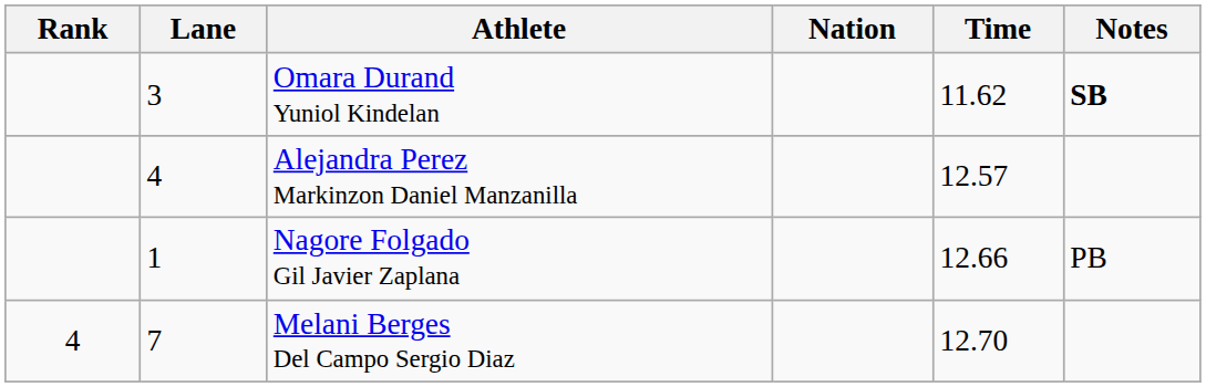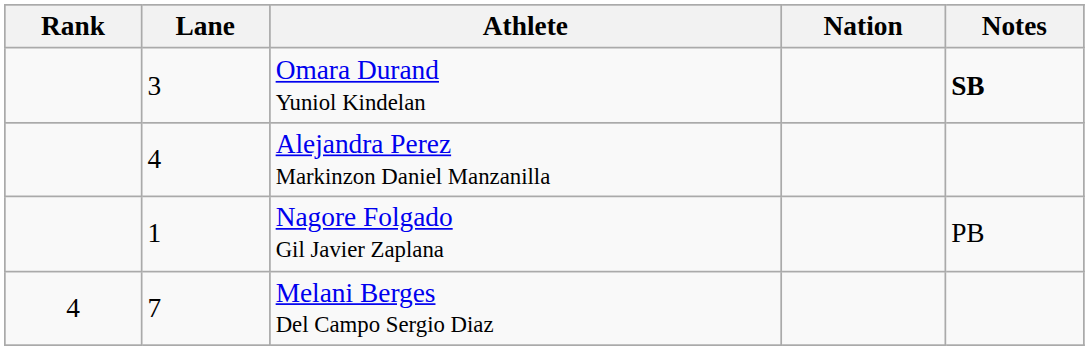 <table class="wikitable" style="width:50%; align:left">
 <tr>
 <th>Rank</th>
 <th>Lane</th>
 <th>Athlete</th>
 <th>Nation</th>
-<th>Time</th>
 <th>Notes</th>
 </tr>
 <tr>
 <td align=center></td>
 <td>3</td>
 <td><a href='#'>Omara Durand</a><br><small>Yuniol Kindelan</small></td>
 <td></td>
-<td>11.62</td>
 <td><strong>SB</strong></td>
 </tr>
 <tr>
 <td align=center></td>
 <td>4</td>
 <td><a href='#'>Alejandra Perez</a><br><small>Markinzon Daniel Manzanilla</small></td>
 <td></td>
-<td>12.57</td>
 <td></td>
 </tr>
 <tr>
 <td align=center></td>
 <td>1</td>
 <td><a href='#'>Nagore Folgado</a><br><small>Gil Javier Zaplana</small></td>
 <td></td>
-<td>12.66</td>
 <td>PB</td>
 </tr>
 <tr>
 <td align=center>4</td>
 <td>7</td>
 <td><a href='#'>Melani Berges</a><br><small>Del Campo Sergio Diaz</small></td>
 <td></td>
-<td>12.70</td>
 <td></td>
 </tr>
 </table>
